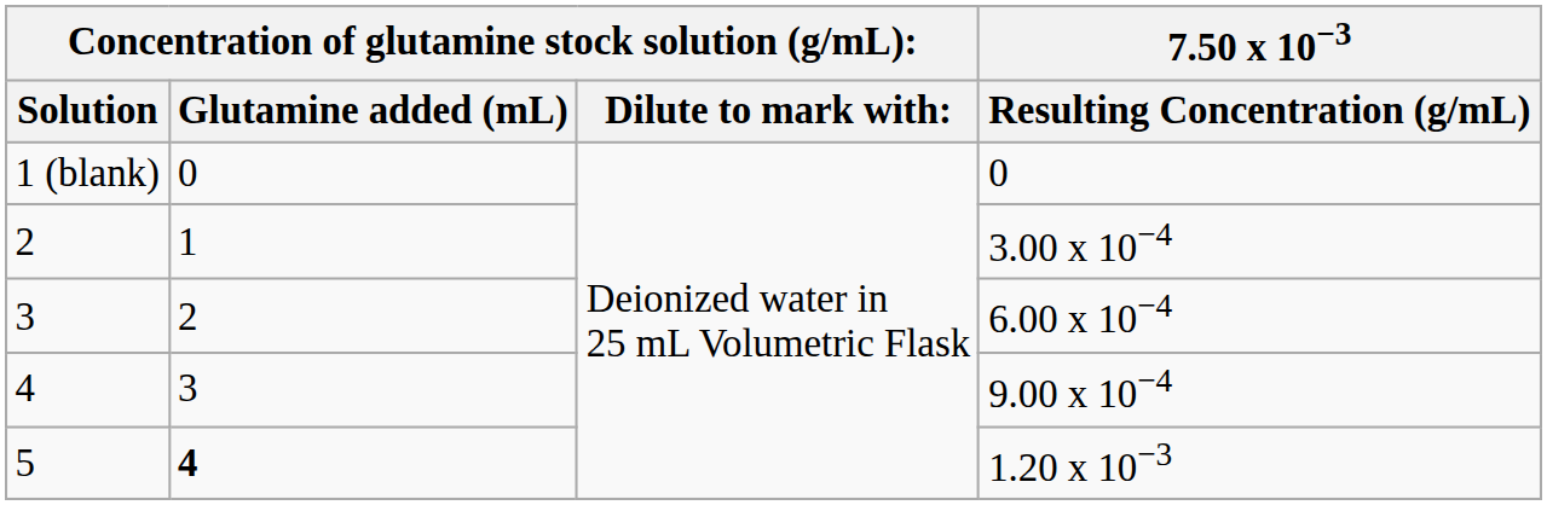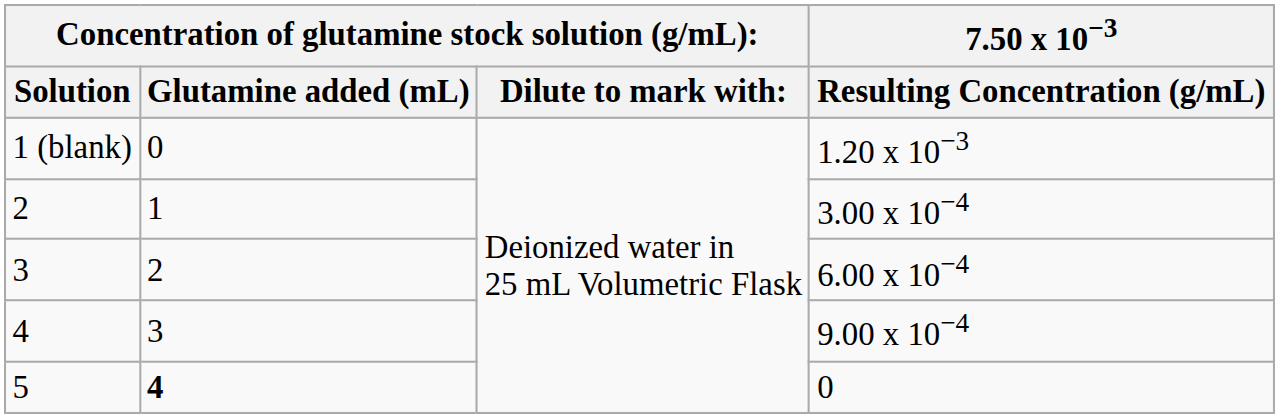 <table class="wikitable">
 <tr>
 <th colspan="3">Concentration of glutamine stock solution (g/mL):</th>
 <th>7.50 x 10<sup>−3</sup></th>
 </tr>
 <tr>
 <th>Solution</th>
 <th>Glutamine added (mL)</th>
 <th>Dilute to mark with:</th>
 <th>Resulting Concentration (g/mL)</th>
 </tr>
 <tr>
 <td>1 (blank)</td>
 <td>0</td>
 <td rowspan="5">Deionized water in<br>25 mL Volumetric Flask</td>
-<td>0</td>
+<td>1.20 x 10<sup>−3</sup></td>
 </tr>
 <tr>
 <td>2</td>
 <td>1</td>
 <td>3.00 x 10<sup>−4</sup></td>
 </tr>
 <tr>
 <td>3</td>
 <td>2</td>
 <td>6.00 x 10<sup>−4</sup></td>
 </tr>
 <tr>
 <td>4</td>
 <td>3</td>
 <td>9.00 x 10<sup>−4</sup></td>
 </tr>
 <tr>
 <td>5</td>
 <td><strong>4</strong></td>
-<td>1.20 x 10<sup>−3</sup></td>
+<td>0</td>
 </tr>
 </table>
